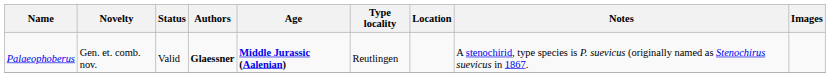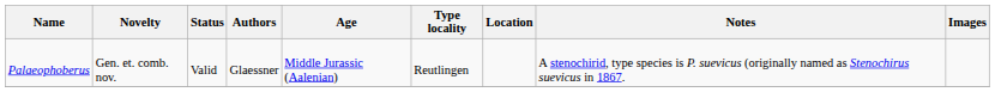 <table class="wikitable sortable" align="center" width="100%">
 <tr>
 <th>Name</th>
 <th>Novelty</th>
 <th>Status</th>
 <th>Authors</th>
 <th>Age</th>
 <th>Type locality</th>
 <th>Location</th>
 <th>Notes</th>
 <th>Images</th>
 </tr>
 <tr>
 <td><br><em><a href='#'>Palaeophoberus</a></em></td>
 <td><br>Gen. et. comb. nov.</td>
 <td><br>Valid</td>
-<td><strong><br>Glaessner</strong></td>
-<td><strong><br><a href='#'>Middle Jurassic</a> (<a href='#'>Aalenian</a>)</strong></td>
+<td><br>Glaessner</td>
+<td><br><a href='#'>Middle Jurassic</a> (<a href='#'>Aalenian</a>)</td>
 <td><br>Reutlingen</td>
 <td><br></td>
 <td><br>A <a href='#'>stenochirid</a>, type species is <em>P. suevicus</em> (originally named as <em><a href='#'>Stenochirus</a> suevicus</em> in <a href='#'>1867</a>.</td>
 <td></td>
 </tr>
 <tr>
 </tr>
 </table>
